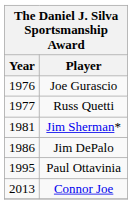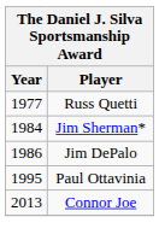 <table class="wikitable" style="display: inline-table; margin-right: 20px; text-align:center">
 <tr>
 <th scope="col" colspan="2" style="width: 145px;">The Daniel J. Silva Sportsmanship Award</th>
 </tr>
 <tr>
 <th scope="col">Year</th>
 <th scope="col">Player</th>
 </tr>
 <tr>
-<td>1976</td>
-<td>Joe Gurascio</td>
-</tr>
-<tr>
 <td>1977</td>
 <td>Russ Quetti</td>
 </tr>
 <tr>
-<td>1981</td>
+<td>1984</td>
 <td><a href='#'>Jim Sherman</a>*</td>
 </tr>
 <tr>
 <td>1986</td>
 <td>Jim DePalo</td>
 </tr>
 <tr>
 <td>1995</td>
 <td>Paul Ottavinia</td>
 </tr>
 <tr>
 <td>2013</td>
 <td><a href='#'>Connor Joe</a></td>
 </tr>
 <tr>
 </tr>
 </table>
